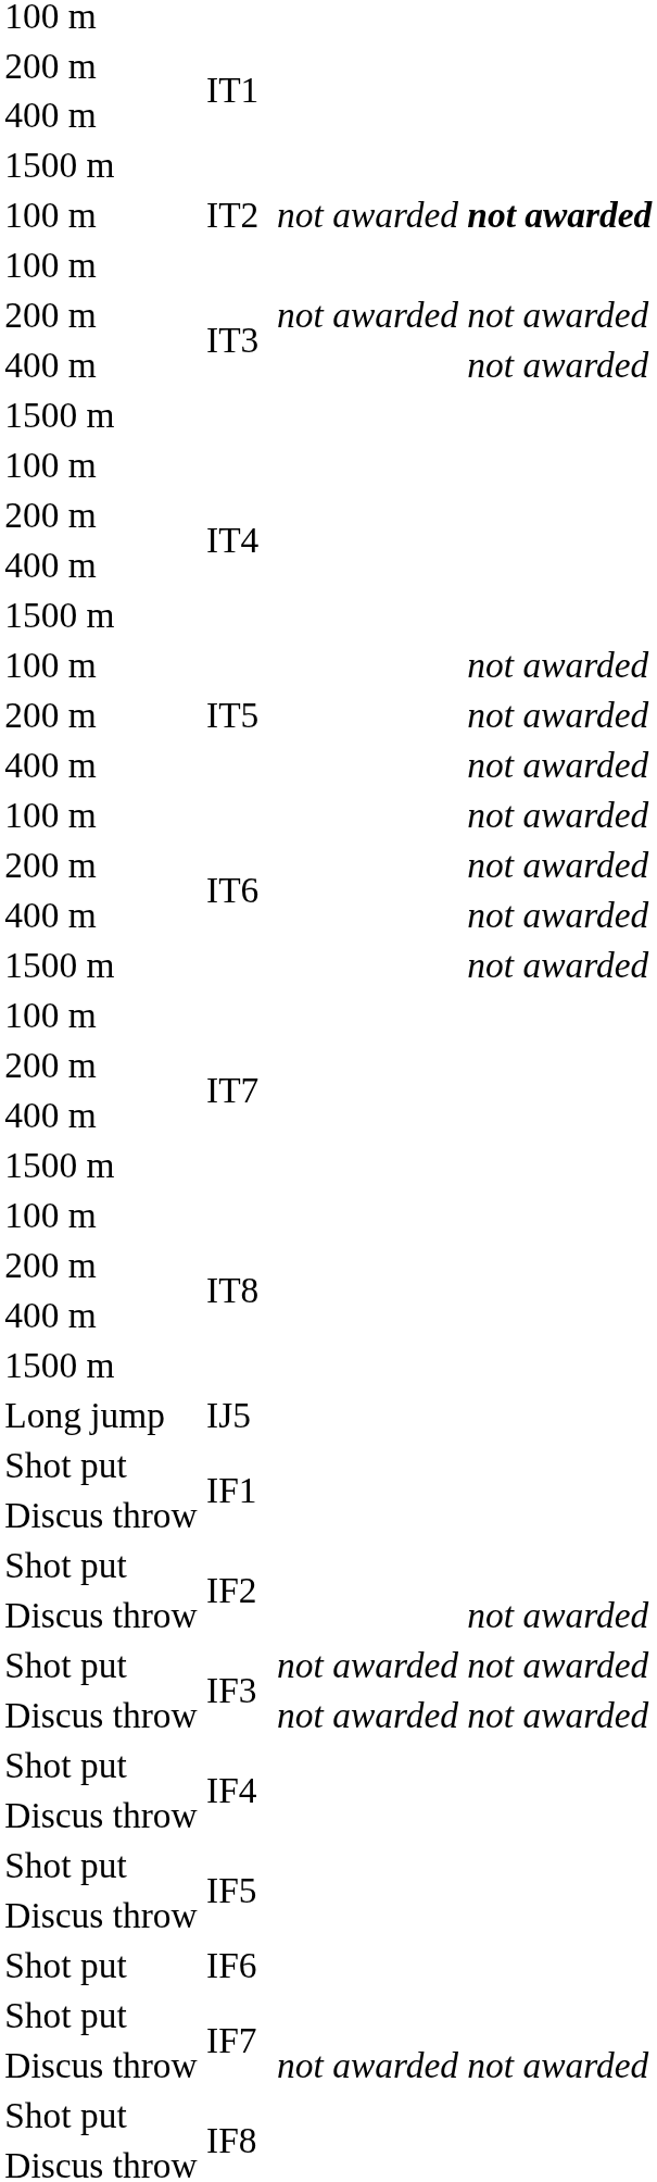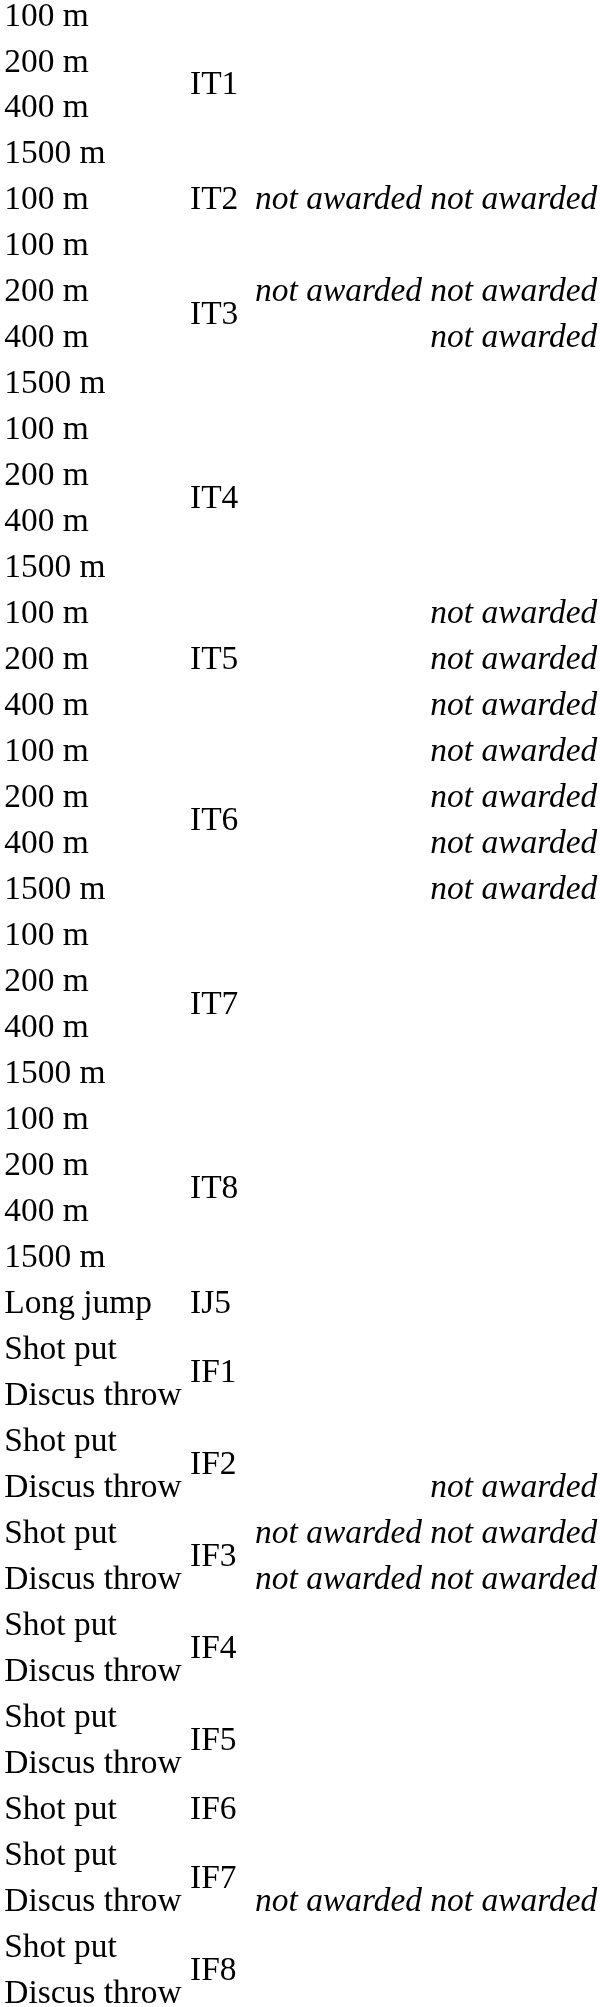 <table>
 <tr>
 <td>100 m</td>
 <td rowspan=4>IT1</td>
 <td></td>
 <td></td>
 <td></td>
 </tr>
 <tr>
 <td>200 m</td>
 <td></td>
 <td></td>
 <td></td>
 </tr>
 <tr>
 <td>400 m</td>
 <td></td>
 <td></td>
 <td></td>
 </tr>
 <tr>
 <td>1500 m</td>
 <td></td>
 <td></td>
 <td></td>
 </tr>
 <tr>
 <td>100 m</td>
 <td>IT2</td>
 <td></td>
 <td><em>not awarded</em></td>
-<td><strong><em>not awarded</em></strong></td>
+<td><em>not awarded</em></td>
 </tr>
 <tr>
 <td>100 m</td>
 <td rowspan=4>IT3</td>
 <td></td>
 <td></td>
 <td></td>
 </tr>
 <tr>
 <td>200 m</td>
 <td></td>
 <td><em>not awarded</em></td>
 <td><em>not awarded</em></td>
 </tr>
 <tr>
 <td>400 m</td>
 <td></td>
 <td></td>
 <td><em>not awarded</em></td>
 </tr>
 <tr>
 <td>1500 m</td>
 <td></td>
 <td></td>
 <td></td>
 </tr>
 <tr>
 <td>100 m</td>
 <td rowspan=4>IT4</td>
 <td></td>
 <td></td>
 <td></td>
 </tr>
 <tr>
 <td>200 m</td>
 <td></td>
 <td></td>
 <td></td>
 </tr>
 <tr>
 <td>400 m</td>
 <td></td>
 <td></td>
 <td></td>
 </tr>
 <tr>
 <td>1500 m</td>
 <td></td>
 <td></td>
 <td></td>
 </tr>
 <tr>
 <td>100 m</td>
 <td rowspan=3>IT5</td>
 <td></td>
 <td></td>
 <td><em>not awarded</em></td>
 </tr>
 <tr>
 <td>200 m</td>
 <td></td>
 <td></td>
 <td><em>not awarded</em></td>
 </tr>
 <tr>
 <td>400 m</td>
 <td></td>
 <td></td>
 <td><em>not awarded</em></td>
 </tr>
 <tr>
 <td>100 m</td>
 <td rowspan=4>IT6</td>
 <td></td>
 <td></td>
 <td><em>not awarded</em></td>
 </tr>
 <tr>
 <td>200 m</td>
 <td></td>
 <td></td>
 <td><em>not awarded</em></td>
 </tr>
 <tr>
 <td>400 m</td>
 <td></td>
 <td></td>
 <td><em>not awarded</em></td>
 </tr>
 <tr>
 <td>1500 m</td>
 <td></td>
 <td></td>
 <td><em>not awarded</em></td>
 </tr>
 <tr>
 <td>100 m</td>
 <td rowspan=4>IT7</td>
 <td></td>
 <td></td>
 <td></td>
 </tr>
 <tr>
 <td>200 m</td>
 <td></td>
 <td></td>
 <td></td>
 </tr>
 <tr>
 <td>400 m</td>
 <td></td>
 <td></td>
 <td></td>
 </tr>
 <tr>
 <td>1500 m</td>
 <td></td>
 <td></td>
 <td></td>
 </tr>
 <tr>
 <td>100 m</td>
 <td rowspan=4>IT8</td>
 <td></td>
 <td></td>
 <td></td>
 </tr>
 <tr>
 <td>200 m</td>
 <td></td>
 <td></td>
 <td></td>
 </tr>
 <tr>
 <td>400 m</td>
 <td></td>
 <td></td>
 <td></td>
 </tr>
 <tr>
 <td>1500 m</td>
 <td></td>
 <td></td>
 <td></td>
 </tr>
 <tr>
 <td>Long jump</td>
 <td>IJ5</td>
 <td></td>
 <td></td>
 <td></td>
 </tr>
 <tr>
 <td>Shot put</td>
 <td rowspan=2>IF1</td>
 <td></td>
 <td></td>
 <td></td>
 </tr>
 <tr>
 <td>Discus throw</td>
 <td></td>
 <td></td>
 <td></td>
 </tr>
 <tr>
 <td>Shot put</td>
 <td rowspan=2>IF2</td>
 <td></td>
 <td></td>
 <td></td>
 </tr>
 <tr>
 <td>Discus throw</td>
 <td></td>
 <td></td>
 <td><em>not awarded</em></td>
 </tr>
 <tr>
 <td>Shot put</td>
 <td rowspan=2>IF3</td>
 <td></td>
 <td><em>not awarded</em></td>
 <td><em>not awarded</em></td>
 </tr>
 <tr>
 <td>Discus throw</td>
 <td></td>
 <td><em>not awarded</em></td>
 <td><em>not awarded</em></td>
 </tr>
 <tr>
 <td>Shot put</td>
 <td rowspan=2>IF4</td>
 <td></td>
 <td></td>
 <td></td>
 </tr>
 <tr>
 <td>Discus throw</td>
 <td></td>
 <td></td>
 <td></td>
 </tr>
 <tr>
 <td>Shot put</td>
 <td rowspan=2>IF5</td>
 <td></td>
 <td></td>
 <td></td>
 </tr>
 <tr>
 <td>Discus throw</td>
 <td></td>
 <td></td>
 <td></td>
 </tr>
 <tr>
 <td>Shot put</td>
 <td>IF6</td>
 <td></td>
 <td></td>
 <td></td>
 </tr>
 <tr>
 <td>Shot put</td>
 <td rowspan=2>IF7</td>
 <td></td>
 <td></td>
 <td></td>
 </tr>
 <tr>
 <td>Discus throw</td>
 <td></td>
 <td><em>not awarded</em></td>
 <td><em>not awarded</em></td>
 </tr>
 <tr>
 <td>Shot put</td>
 <td rowspan=2>IF8</td>
 <td></td>
 <td></td>
 <td></td>
 </tr>
 <tr>
 <td>Discus throw</td>
 <td></td>
 <td></td>
 <td></td>
 </tr>
 </table>
